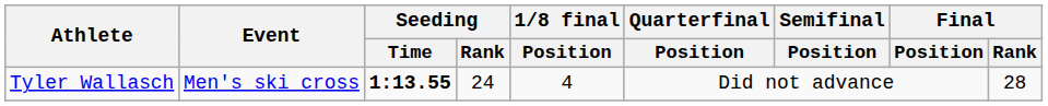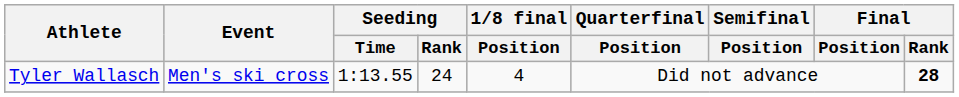 <table class=wikitable style=font-size:90%>
 <tr>
 <th rowspan=2>Athlete</th>
 <th rowspan=2>Event</th>
 <th colspan=2>Seeding</th>
 <th>1/8 final</th>
 <th>Quarterfinal</th>
 <th>Semifinal</th>
 <th colspan=2>Final</th>
 </tr>
 <tr style=font-size:95%>
 <th>Time</th>
 <th>Rank</th>
 <th>Position</th>
 <th>Position</th>
 <th>Position</th>
 <th>Position</th>
 <th>Rank</th>
 </tr>
 <tr align=center>
 <td align=left><a href='#'>Tyler Wallasch</a></td>
 <td align=left><a href='#'>Men's ski cross</a></td>
-<td><strong>1:13.55</strong></td>
+<td>1:13.55</td>
 <td>24</td>
 <td>4</td>
 <td colspan=3>Did not advance</td>
-<td>28</td>
+<td><strong>28</strong></td>
 </tr>
 </table>
